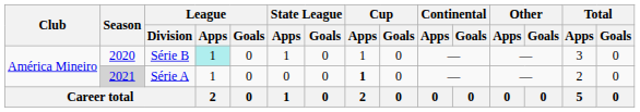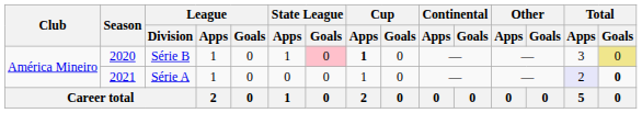 <table class="wikitable" style="text-align: center;">
 <tr>
 <th rowspan="2">Club</th>
 <th rowspan="2">Season</th>
 <th colspan="3">League</th>
 <th colspan="2">State League</th>
 <th colspan="2">Cup</th>
 <th colspan="2">Continental</th>
 <th colspan="2">Other</th>
 <th colspan="2">Total</th>
 </tr>
 <tr>
 <th>Division</th>
 <th>Apps</th>
 <th>Goals</th>
 <th>Apps</th>
 <th>Goals</th>
 <th>Apps</th>
 <th>Goals</th>
 <th>Apps</th>
 <th>Goals</th>
 <th>Apps</th>
 <th>Goals</th>
 <th>Apps</th>
 <th>Goals</th>
 </tr>
 <tr>
 <td rowspan=2><a href='#'>América Mineiro</a></td>
 <td><a href='#'>2020</a></td>
 <td><a href='#'>Série B</a></td>
-<td style="background: paleturquoise;">1</td>
+<td>1</td>
 <td>0</td>
 <td>1</td>
+<td style="background: pink;">0</td>
+<td><strong>1</strong></td>
+<td>0</td>
+<td colspan=2>—</td>
+<td colspan=2>—</td>
+<td>3</td>
+<td style="background: khaki;">0</td>
+</tr>
+<tr>
+<td><a href='#'>2021</a></td>
+<td><a href='#'>Série A</a></td>
+<td>1</td>
+<td>0</td>
+<td>0</td>
 <td>0</td>
 <td>1</td>
 <td>0</td>
 <td colspan=2>—</td>
 <td colspan=2>—</td>
-<td>3</td>
-<td>0</td>
-</tr>
-<tr>
-<td style="background: lightgrey;"><a href='#'>2021</a></td>
-<td><a href='#'>Série A</a></td>
-<td>1</td>
-<td>0</td>
-<td>0</td>
-<td>0</td>
-<td><strong>1</strong></td>
-<td>0</td>
-<td colspan=2>—</td>
-<td colspan=2>—</td>
-<td>2</td>
-<td>0</td>
+<td style="background: lavender;">2</td>
+<td><strong>0</strong></td>
 </tr>
 <tr>
 <th colspan=3><strong>Career total</strong></th>
 <th>2</th>
 <th>0</th>
 <th>1</th>
 <th>0</th>
 <th>2</th>
 <th>0</th>
 <th>0</th>
 <th>0</th>
 <th>0</th>
 <th>0</th>
 <th>5</th>
 <th>0</th>
 </tr>
 </table>
